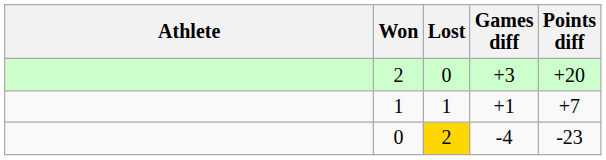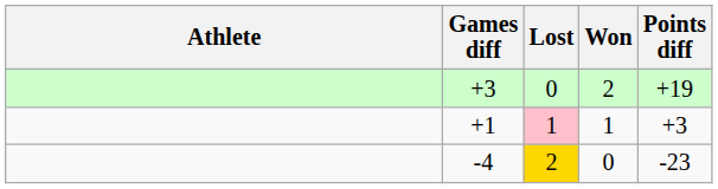 <table class="wikitable">
 <tr>
 <th style="width:18em">Athlete</th>
+<th>Games<br>diff</th>
+<th>Lost</th>
 <th>Won</th>
-<th>Lost</th>
-<th>Games<br>diff</th>
 <th>Points<br>diff</th>
 </tr>
 <tr bgcolor="#ccffcc">
 <td></td>
+<td align="center">+3</td>
+<td align="center">0</td>
 <td align="center">2</td>
-<td align="center">0</td>
-<td align="center">+3</td>
-<td align="center">+20</td>
+<td align="center">+19</td>
 </tr>
 <tr>
 <td></td>
+<td align="center">+1</td>
+<td align="center" style="background: pink;">1</td>
 <td align="center">1</td>
-<td align="center">1</td>
-<td align="center">+1</td>
-<td align="center">+7</td>
+<td align="center">+3</td>
 </tr>
 <tr>
 <td></td>
+<td align="center">-4</td>
+<td align="center" style="background: gold;">2</td>
 <td align="center">0</td>
-<td align="center" style="background: gold;">2</td>
-<td align="center">-4</td>
 <td align="center">-23</td>
 </tr>
 </table>
